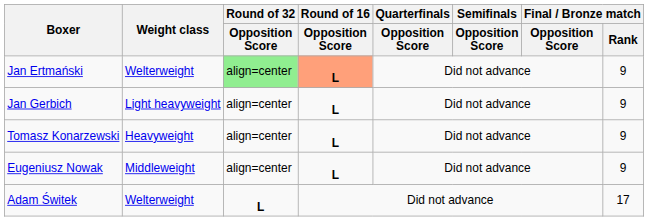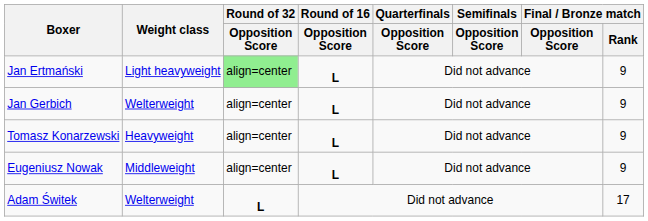 <table class=wikitable style="font-size:90%">
 <tr>
 <th rowspan="2">Boxer</th>
 <th rowspan="2">Weight class</th>
 <th>Round of 32</th>
 <th>Round of 16</th>
 <th>Quarterfinals</th>
 <th>Semifinals</th>
 <th colspan="2">Final / Bronze match</th>
 </tr>
 <tr>
 <th>Opposition<br>Score</th>
 <th>Opposition<br>Score</th>
 <th>Opposition<br>Score</th>
 <th>Opposition<br>Score</th>
 <th>Opposition<br>Score</th>
 <th>Rank</th>
 </tr>
 <tr>
 <td><a href='#'>Jan Ertmański</a></td>
-<td><a href='#'>Welterweight</a></td>
+<td><a href='#'>Light heavyweight</a></td>
 <td style="background: lightgreen;">align=center </td>
-<td align=center style="background: lightsalmon;"> <br> <strong>L</strong></td>
+<td align=center> <br> <strong>L</strong></td>
 <td align=center colspan=3>Did not advance</td>
 <td align=center>9</td>
 </tr>
 <tr>
 <td><a href='#'>Jan Gerbich</a></td>
-<td><a href='#'>Light heavyweight</a></td>
+<td><a href='#'>Welterweight</a></td>
 <td>align=center </td>
 <td align=center> <br> <strong>L</strong></td>
 <td align=center colspan=3>Did not advance</td>
 <td align=center>9</td>
 </tr>
 <tr>
 <td><a href='#'>Tomasz Konarzewski</a></td>
 <td><a href='#'>Heavyweight</a></td>
 <td>align=center </td>
 <td align=center> <br> <strong>L</strong></td>
 <td align=center colspan=3>Did not advance</td>
 <td align=center>9</td>
 </tr>
 <tr>
 <td><a href='#'>Eugeniusz Nowak</a></td>
 <td><a href='#'>Middleweight</a></td>
 <td>align=center </td>
 <td align=center> <br> <strong>L</strong></td>
 <td align=center colspan=3>Did not advance</td>
 <td align=center>9</td>
 </tr>
 <tr>
 <td><a href='#'>Adam Świtek</a></td>
 <td><a href='#'>Welterweight</a></td>
 <td align=center> <br> <strong>L</strong></td>
 <td align=center colspan=4>Did not advance</td>
 <td align=center>17</td>
 </tr>
 </table>
